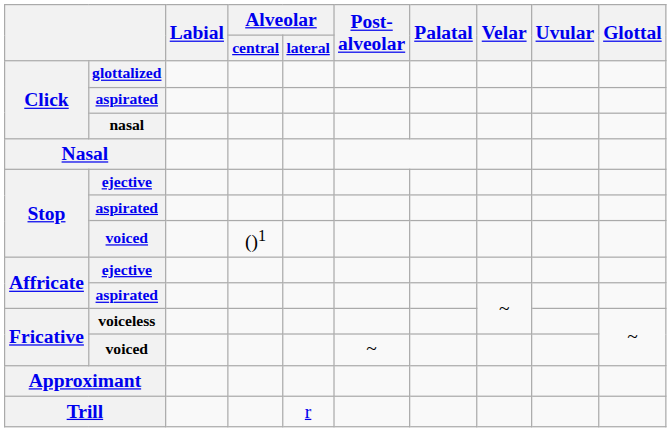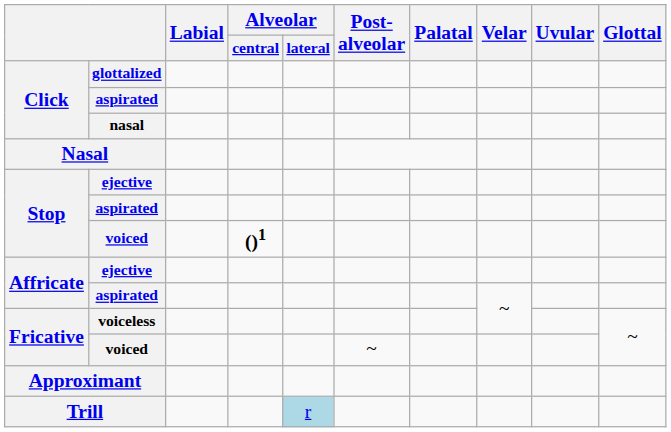 <table class = "wikitable" style = "text-align: center">
 <tr>
 <th rowspan="2" colspan="2"></th>
 <th rowspan="2"><a href='#'>Labial</a></th>
 <th colspan="2"><a href='#'>Alveolar</a></th>
 <th rowspan="2"><a href='#'>Post-<br>alveolar</a></th>
 <th rowspan="2"><a href='#'>Palatal</a></th>
 <th rowspan="2"><a href='#'>Velar</a></th>
 <th rowspan="2"><a href='#'>Uvular</a></th>
 <th rowspan="2"><a href='#'>Glottal</a></th>
 </tr>
 <tr>
 <th style = "text-align: left; font-size: 80%"><a href='#'>central</a></th>
 <th style = "text-align: left; font-size: 80%"><a href='#'>lateral</a></th>
 </tr>
 <tr>
 <th rowspan="3"><a href='#'>Click</a></th>
 <th style = "font-size: 80%"><a href='#'>glottalized</a></th>
 <td></td>
 <td></td>
 <td></td>
 <td></td>
 <td></td>
 <td></td>
 <td></td>
 <td></td>
 </tr>
 <tr>
 <th style = "font-size: 80%"><a href='#'>aspirated</a></th>
 <td></td>
 <td></td>
 <td></td>
 <td></td>
 <td></td>
 <td></td>
 <td></td>
 <td></td>
 </tr>
 <tr>
 <th style = "font-size: 80%">nasal</th>
 <td></td>
 <td></td>
 <td></td>
 <td></td>
 <td></td>
 <td></td>
 <td></td>
 <td></td>
 </tr>
 <tr>
 <th colspan="2"><a href='#'>Nasal</a></th>
 <td></td>
 <td></td>
 <td></td>
 <td colspan=2></td>
 <td></td>
 <td></td>
 <td></td>
 </tr>
 <tr>
 <th rowspan="3"><a href='#'>Stop</a></th>
 <th style = "font-size: 80%"><a href='#'>ejective</a></th>
 <td></td>
 <td></td>
 <td></td>
 <td></td>
 <td></td>
 <td></td>
 <td></td>
 <td></td>
 </tr>
 <tr>
 <th style = "font-size: 80%"><a href='#'>aspirated</a></th>
 <td></td>
 <td></td>
 <td></td>
 <td></td>
 <td></td>
 <td></td>
 <td></td>
 <td></td>
 </tr>
 <tr>
 <th style = "font-size: 80%"><a href='#'>voiced</a></th>
 <td></td>
-<td>()<sup>1</sup></td>
+<td><strong>()<sup>1</sup></strong></td>
 <td></td>
 <td></td>
 <td></td>
 <td></td>
 <td></td>
 <td></td>
 </tr>
 <tr>
 <th rowspan="2"><a href='#'>Affricate</a></th>
 <th style = "font-size: 80%"><a href='#'>ejective</a></th>
 <td></td>
 <td></td>
 <td></td>
 <td></td>
 <td></td>
 <td></td>
 <td></td>
 <td></td>
 </tr>
 <tr>
 <th style = "font-size: 80%"><a href='#'>aspirated</a></th>
 <td></td>
 <td></td>
 <td></td>
 <td></td>
 <td></td>
 <td rowspan="2"> ~ </td>
 <td></td>
 <td></td>
 </tr>
 <tr>
 <th rowspan="2"><a href='#'>Fricative</a></th>
 <th style = "font-size: 80%">voiceless</th>
 <td></td>
 <td></td>
 <td></td>
 <td></td>
 <td></td>
 <td></td>
 <td rowspan="2"> ~ </td>
 </tr>
 <tr>
 <th style = "font-size: 80%">voiced</th>
 <td></td>
 <td></td>
 <td></td>
 <td> ~ </td>
 <td></td>
 <td></td>
 <td></td>
 </tr>
 <tr>
 <th colspan="2"><a href='#'>Approximant</a></th>
 <td></td>
 <td></td>
 <td></td>
 <td></td>
 <td></td>
 <td></td>
 <td></td>
 <td></td>
 </tr>
 <tr>
 <th colspan="2"><a href='#'>Trill</a></th>
 <td></td>
 <td></td>
-<td><a href='#'>r</a></td>
+<td style="background: lightblue;"><a href='#'>r</a></td>
 <td></td>
 <td></td>
 <td></td>
 <td></td>
 <td></td>
 </tr>
 </table>
